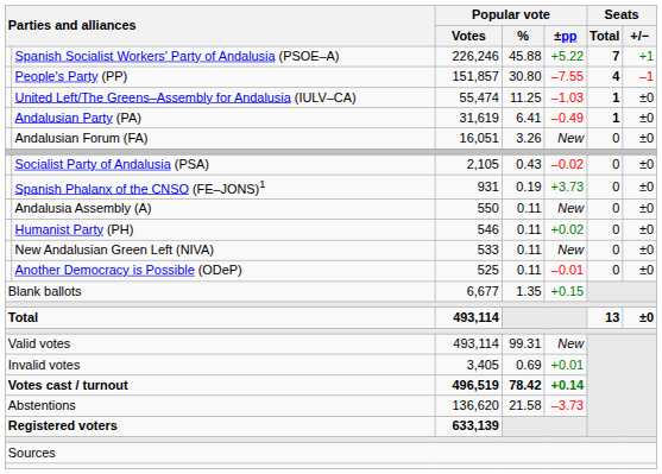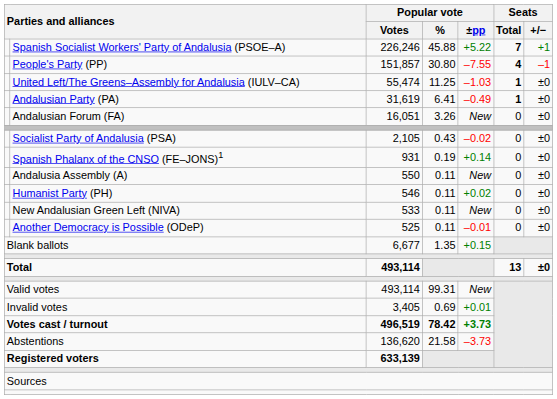 <table class="wikitable" style="text-align:right;">
 <tr>
 <th style="text-align:left;" rowspan="2" colspan="2" width="525">Parties and alliances</th>
 <th colspan="3">Popular vote</th>
 <th colspan="2">Seats</th>
 </tr>
 <tr>
 <th width="75">Votes</th>
 <th width="45">%</th>
 <th width="45">±<a href='#'>pp</a></th>
 <th width="35">Total</th>
 <th width="35">+/−</th>
 </tr>
 <tr>
 <td width="1" style="color:inherit;background:"></td>
 <td align="left"><a href='#'>Spanish Socialist Workers' Party of Andalusia</a> (PSOE–A)</td>
 <td>226,246</td>
 <td>45.88</td>
 <td style="color:green;">+5.22</td>
 <td><strong>7</strong></td>
 <td style="color:green;">+1</td>
 </tr>
 <tr>
 <td style="color:inherit;background:"></td>
 <td align="left"><a href='#'>People's Party</a> (PP)</td>
 <td>151,857</td>
 <td>30.80</td>
 <td style="color:red;">–7.55</td>
 <td><strong>4</strong></td>
 <td style="color:red;">–1</td>
 </tr>
 <tr>
 <td style="color:inherit;background:"></td>
 <td align="left"><a href='#'>United Left/The Greens–Assembly for Andalusia</a> (IULV–CA)</td>
 <td>55,474</td>
 <td>11.25</td>
 <td style="color:red;">–1.03</td>
 <td><strong>1</strong></td>
 <td>±0</td>
 </tr>
 <tr>
 <td style="color:inherit;background:"></td>
 <td align="left"><a href='#'>Andalusian Party</a> (PA)</td>
 <td>31,619</td>
 <td>6.41</td>
 <td style="color:red;">–0.49</td>
 <td><strong>1</strong></td>
 <td>±0</td>
 </tr>
 <tr>
 <td style="color:inherit;background:"></td>
 <td align="left">Andalusian Forum (FA)</td>
 <td>16,051</td>
 <td>3.26</td>
 <td><em>New</em></td>
 <td>0</td>
 <td>±0</td>
 </tr>
 <tr>
 <td colspan="7" bgcolor="#C0C0C0"></td>
 </tr>
 <tr>
 <td style="color:inherit;background:"></td>
 <td align="left"><a href='#'>Socialist Party of Andalusia</a> (PSA)</td>
 <td>2,105</td>
 <td>0.43</td>
 <td style="color:red;">–0.02</td>
 <td>0</td>
 <td>±0</td>
 </tr>
 <tr>
 <td style="color:inherit;background:"></td>
 <td align="left"><a href='#'>Spanish Phalanx of the CNSO</a> (FE–JONS)<sup>1</sup></td>
 <td>931</td>
 <td>0.19</td>
-<td style="color:green;">+3.73</td>
+<td style="color:green;">+0.14</td>
 <td>0</td>
 <td>±0</td>
 </tr>
 <tr>
 <td style="color:inherit;background:"></td>
 <td align="left">Andalusia Assembly (A)</td>
 <td>550</td>
 <td>0.11</td>
 <td><em>New</em></td>
 <td>0</td>
 <td>±0</td>
 </tr>
 <tr>
 <td style="color:inherit;background:"></td>
 <td align="left"><a href='#'>Humanist Party</a> (PH)</td>
 <td>546</td>
 <td>0.11</td>
 <td style="color:green;">+0.02</td>
 <td>0</td>
 <td>±0</td>
 </tr>
 <tr>
 <td style="color:inherit;background:"></td>
 <td align="left">New Andalusian Green Left (NIVA)</td>
 <td>533</td>
 <td>0.11</td>
 <td><em>New</em></td>
 <td>0</td>
 <td>±0</td>
 </tr>
 <tr>
 <td style="color:inherit;background:"></td>
 <td align="left"><a href='#'>Another Democracy is Possible</a> (ODeP)</td>
 <td>525</td>
 <td>0.11</td>
 <td style="color:red;">–0.01</td>
 <td>0</td>
 <td>±0</td>
 </tr>
 <tr>
 <td align="left" colspan="2">Blank ballots</td>
 <td>6,677</td>
 <td>1.35</td>
 <td style="color:green;">+0.15</td>
 <td bgcolor="#E9E9E9" colspan="2"></td>
 </tr>
 <tr>
 <td colspan="7" bgcolor="#E9E9E9"></td>
 </tr>
 <tr style="font-weight:bold;">
 <td align="left" colspan="2">Total</td>
 <td>493,114</td>
 <td bgcolor="#E9E9E9" colspan="2"></td>
 <td>13</td>
 <td>±0</td>
 </tr>
 <tr>
 <td colspan="7" bgcolor="#E9E9E9"></td>
 </tr>
 <tr>
 <td align="left" colspan="2">Valid votes</td>
 <td>493,114</td>
 <td>99.31</td>
 <td><em>New</em></td>
 <td bgcolor="#E9E9E9" colspan="2" rowspan="5"></td>
 </tr>
 <tr>
 <td align="left" colspan="2">Invalid votes</td>
 <td>3,405</td>
 <td>0.69</td>
 <td style="color:green;">+0.01</td>
 </tr>
 <tr style="font-weight:bold;">
 <td align="left" colspan="2">Votes cast / turnout</td>
 <td>496,519</td>
 <td>78.42</td>
-<td style="color:green;">+0.14</td>
+<td style="color:green;">+3.73</td>
 </tr>
 <tr>
 <td align="left" colspan="2">Abstentions</td>
 <td>136,620</td>
 <td>21.58</td>
 <td style="color:red;">–3.73</td>
 </tr>
 <tr style="font-weight:bold;">
 <td align="left" colspan="2">Registered voters</td>
 <td>633,139</td>
 <td bgcolor="#E9E9E9" colspan="2"></td>
 </tr>
 <tr>
 <td colspan="7" bgcolor="#E9E9E9"></td>
 </tr>
 <tr>
 <td align="left" colspan="7">Sources</td>
 </tr>
 <tr>
 <td colspan="7" style="text-align:left; max-width:790px;"></td>
 </tr>
 </table>
